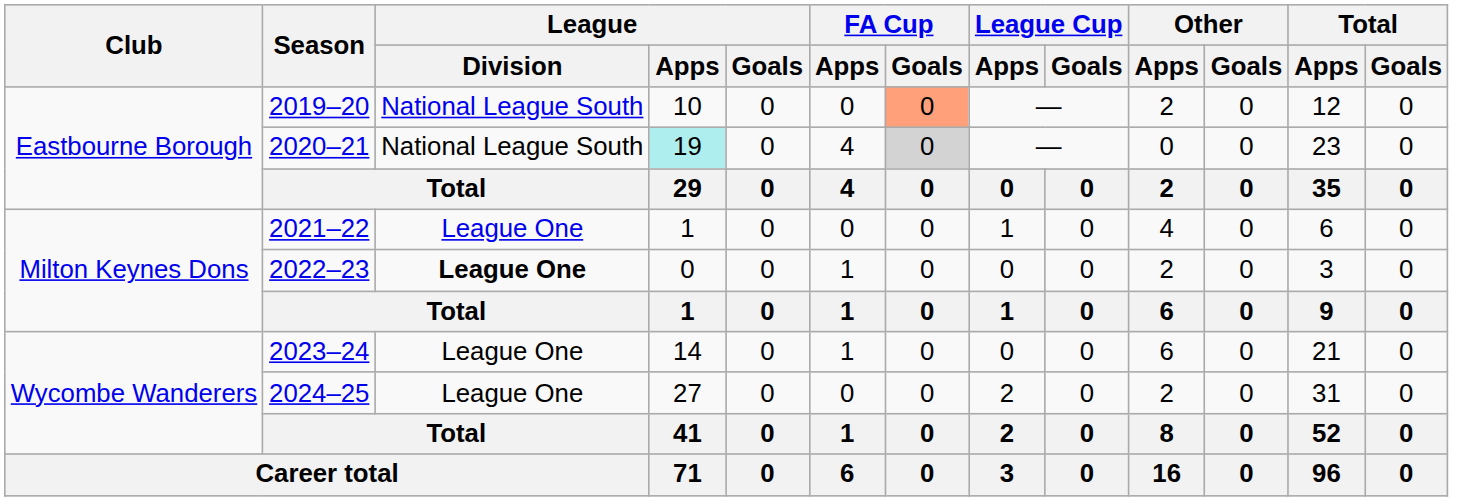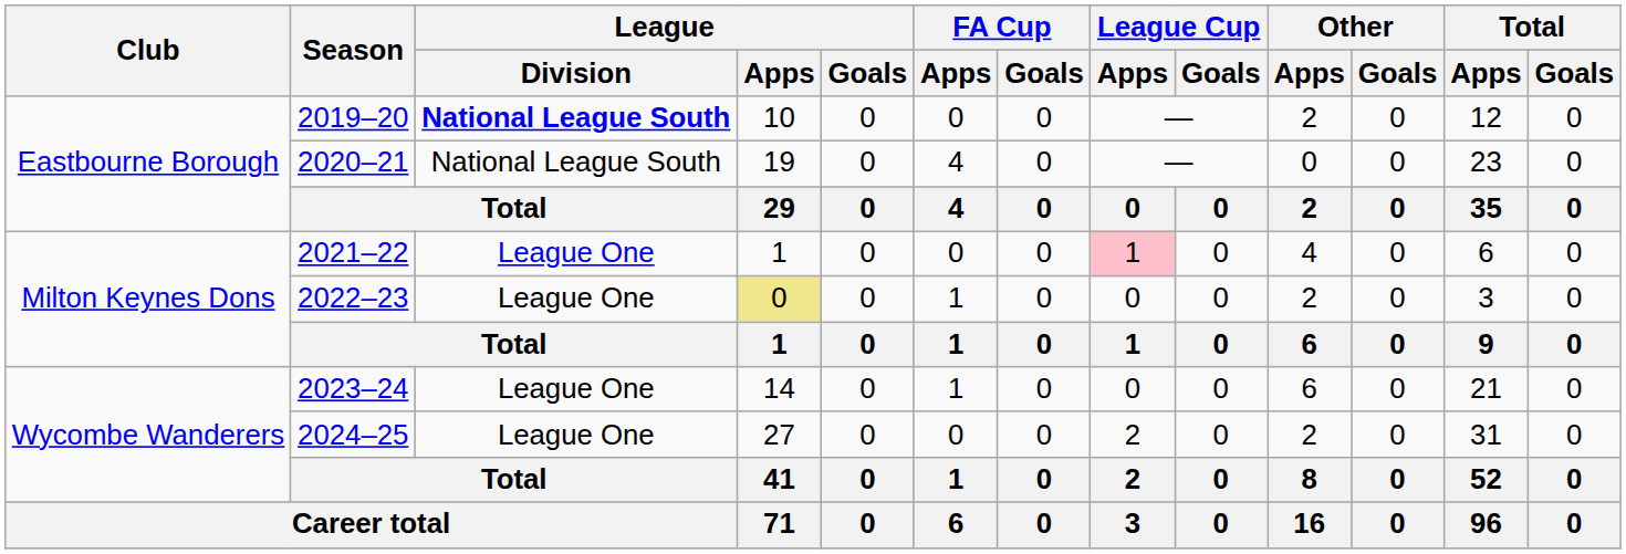 <table class="wikitable" style="text-align: center;">
 <tr>
 <th rowspan="2">Club</th>
 <th rowspan="2">Season</th>
 <th colspan="3">League</th>
 <th colspan="2"><a href='#'>FA Cup</a></th>
 <th colspan="2"><a href='#'>League Cup</a></th>
 <th colspan="2">Other</th>
 <th colspan="2">Total</th>
 </tr>
 <tr>
 <th>Division</th>
 <th>Apps</th>
 <th>Goals</th>
 <th>Apps</th>
 <th>Goals</th>
 <th>Apps</th>
 <th>Goals</th>
 <th>Apps</th>
 <th>Goals</th>
 <th>Apps</th>
 <th>Goals</th>
 </tr>
 <tr>
 <td rowspan="3"><a href='#'>Eastbourne Borough</a></td>
 <td><a href='#'>2019–20</a></td>
-<td><a href='#'>National League South</a></td>
+<td><strong><a href='#'>National League South</a></strong></td>
 <td>10</td>
 <td>0</td>
 <td>0</td>
-<td style="background: lightsalmon;">0</td>
+<td>0</td>
 <td colspan="2">—</td>
 <td>2</td>
 <td>0</td>
 <td>12</td>
 <td>0</td>
 </tr>
 <tr>
 <td><a href='#'>2020–21</a></td>
 <td>National League South</td>
-<td style="background: paleturquoise;">19</td>
+<td>19</td>
 <td>0</td>
 <td>4</td>
-<td style="background: lightgrey;">0</td>
+<td>0</td>
 <td colspan="2">—</td>
 <td>0</td>
 <td>0</td>
 <td>23</td>
 <td>0</td>
 </tr>
 <tr>
 <th colspan="2">Total</th>
 <th>29</th>
 <th>0</th>
 <th>4</th>
 <th>0</th>
 <th>0</th>
 <th>0</th>
 <th>2</th>
 <th>0</th>
 <th>35</th>
 <th>0</th>
 </tr>
 <tr>
 <td rowspan="3"><a href='#'>Milton Keynes Dons</a></td>
 <td><a href='#'>2021–22</a></td>
 <td><a href='#'>League One</a></td>
 <td>1</td>
 <td>0</td>
 <td>0</td>
 <td>0</td>
-<td>1</td>
+<td style="background: pink;">1</td>
 <td>0</td>
 <td>4</td>
 <td>0</td>
 <td>6</td>
 <td>0</td>
 </tr>
 <tr>
 <td><a href='#'>2022–23</a></td>
-<td><strong>League One</strong></td>
-<td>0</td>
+<td>League One</td>
+<td style="background: khaki;">0</td>
 <td>0</td>
 <td>1</td>
 <td>0</td>
 <td>0</td>
 <td>0</td>
 <td>2</td>
 <td>0</td>
 <td>3</td>
 <td>0</td>
 </tr>
 <tr>
 <th colspan="2">Total</th>
 <th>1</th>
 <th>0</th>
 <th>1</th>
 <th>0</th>
 <th>1</th>
 <th>0</th>
 <th>6</th>
 <th>0</th>
 <th>9</th>
 <th>0</th>
 </tr>
 <tr>
 <td rowspan=3><a href='#'>Wycombe Wanderers</a></td>
 <td><a href='#'>2023–24</a></td>
 <td>League One</td>
 <td>14</td>
 <td>0</td>
 <td>1</td>
 <td>0</td>
 <td>0</td>
 <td>0</td>
 <td>6</td>
 <td>0</td>
 <td>21</td>
 <td>0</td>
 </tr>
 <tr>
 <td><a href='#'>2024–25</a></td>
 <td>League One</td>
 <td>27</td>
 <td>0</td>
 <td>0</td>
 <td>0</td>
 <td>2</td>
 <td>0</td>
 <td>2</td>
 <td>0</td>
 <td>31</td>
 <td>0</td>
 </tr>
 <tr>
 <th colspan="2">Total</th>
 <th>41</th>
 <th>0</th>
 <th>1</th>
 <th>0</th>
 <th>2</th>
 <th>0</th>
 <th>8</th>
 <th>0</th>
 <th>52</th>
 <th>0</th>
 </tr>
 <tr>
 <th colspan="3">Career total</th>
 <th>71</th>
 <th>0</th>
 <th>6</th>
 <th>0</th>
 <th>3</th>
 <th>0</th>
 <th>16</th>
 <th>0</th>
 <th>96</th>
 <th>0</th>
 </tr>
 </table>
